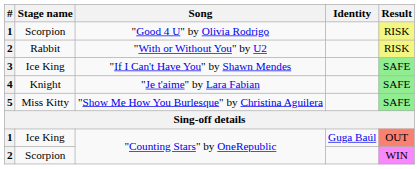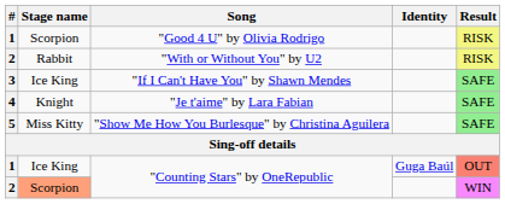 <table class="wikitable plainrowheaders" style="text-align: center;">
 <tr>
 <th>#</th>
 <th>Stage name</th>
 <th>Song</th>
 <th>Identity</th>
 <th>Result</th>
 </tr>
 <tr>
 <th>1</th>
 <td>Scorpion</td>
 <td>"<a href='#'>Good 4 U</a>" by <a href='#'>Olivia Rodrigo</a></td>
 <td></td>
 <td bgcolor="#F3F781">RISK</td>
 </tr>
 <tr>
 <th>2</th>
 <td>Rabbit</td>
 <td>"<a href='#'>With or Without You</a>" by <a href='#'>U2</a></td>
 <td></td>
 <td bgcolor="#F3F781">RISK</td>
 </tr>
 <tr>
 <th>3</th>
 <td>Ice King</td>
 <td>"<a href='#'>If I Can't Have You</a>" by <a href='#'>Shawn Mendes</a></td>
 <td></td>
 <td bgcolor="lightgreen">SAFE</td>
 </tr>
 <tr>
 <th>4</th>
 <td>Knight</td>
 <td>"<a href='#'>Je t'aime</a>" by <a href='#'>Lara Fabian</a></td>
 <td></td>
 <td bgcolor="lightgreen">SAFE</td>
 </tr>
 <tr>
 <th>5</th>
 <td>Miss Kitty</td>
 <td>"<a href='#'>Show Me How You Burlesque</a>" by <a href='#'>Christina Aguilera</a></td>
 <td></td>
 <td bgcolor="lightgreen">SAFE</td>
 </tr>
 <tr>
 <th colspan="5">Sing-off details</th>
 </tr>
 <tr>
 <th>1</th>
 <td>Ice King</td>
 <td rowspan="2">"<a href='#'>Counting Stars</a>" by <a href='#'>OneRepublic</a></td>
 <td><a href='#'>Guga Baúl</a></td>
 <td bgcolor=salmon>OUT</td>
 </tr>
 <tr>
 <th>2</th>
-<td>Scorpion</td>
+<td style="background: lightsalmon;">Scorpion</td>
 <td></td>
 <td bgcolor="#F888FD">WIN</td>
 </tr>
 </table>
